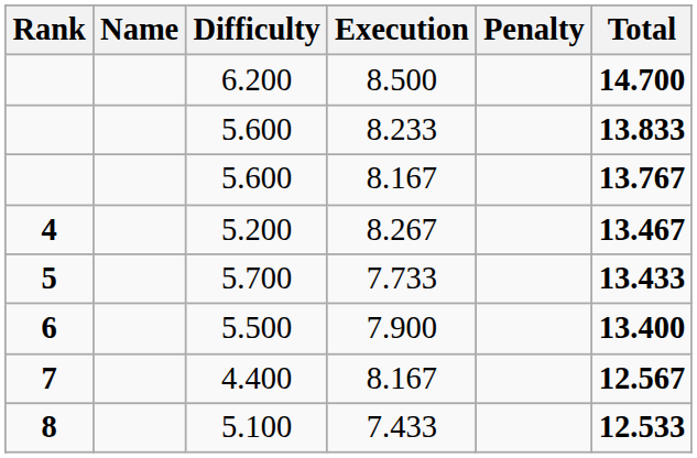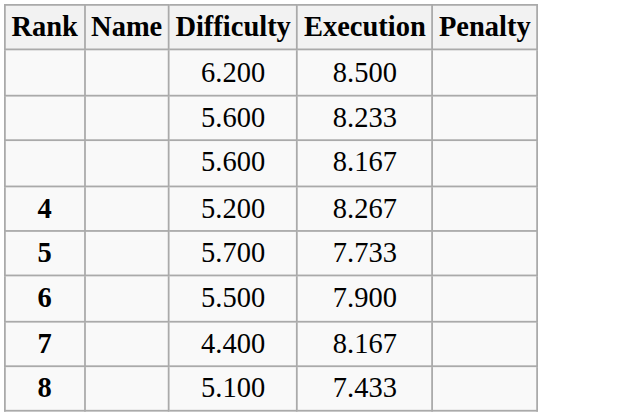 <table class="wikitable sortable" style="text-align:center">
 <tr>
 <th>Rank</th>
 <th>Name</th>
 <th>Difficulty</th>
 <th>Execution</th>
 <th>Penalty</th>
-<th>Total</th>
 </tr>
 <tr>
 <td></td>
 <td align="left"></td>
 <td>6.200</td>
 <td>8.500</td>
 <td></td>
-<td><strong>14.700</strong></td>
 </tr>
 <tr>
 <td></td>
 <td align="left"></td>
 <td>5.600</td>
 <td>8.233</td>
 <td></td>
-<td><strong>13.833</strong></td>
 </tr>
 <tr>
 <td></td>
 <td align="left"></td>
 <td>5.600</td>
 <td>8.167</td>
 <td></td>
-<td><strong>13.767</strong></td>
 </tr>
 <tr>
 <td><strong>4</strong></td>
 <td align="left"></td>
 <td>5.200</td>
 <td>8.267</td>
 <td></td>
-<td><strong>13.467</strong></td>
 </tr>
 <tr>
 <td><strong>5</strong></td>
 <td align="left"></td>
 <td>5.700</td>
 <td>7.733</td>
 <td></td>
-<td><strong>13.433</strong></td>
 </tr>
 <tr>
 <td><strong>6</strong></td>
 <td align="left"></td>
 <td>5.500</td>
 <td>7.900</td>
 <td></td>
-<td><strong>13.400</strong></td>
 </tr>
 <tr>
 <td><strong>7</strong></td>
 <td align="left"></td>
 <td>4.400</td>
 <td>8.167</td>
 <td></td>
-<td><strong>12.567</strong></td>
 </tr>
 <tr>
 <td><strong>8</strong></td>
 <td align="left"></td>
 <td>5.100</td>
 <td>7.433</td>
 <td></td>
-<td><strong>12.533</strong></td>
 </tr>
 </table>
